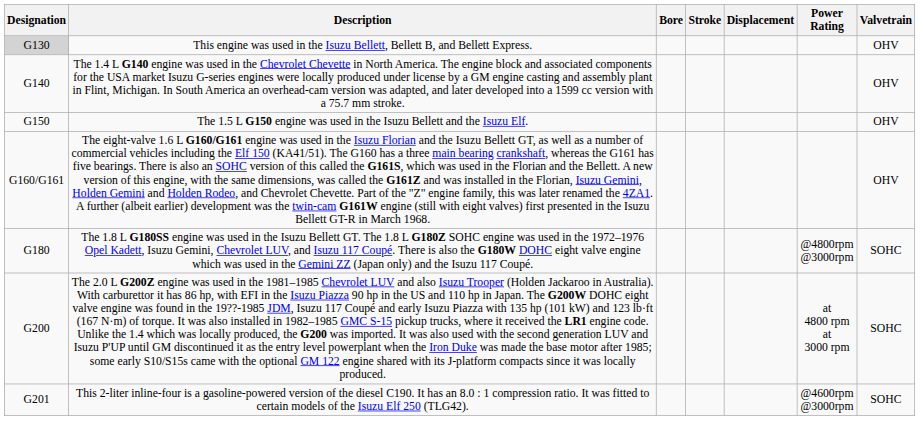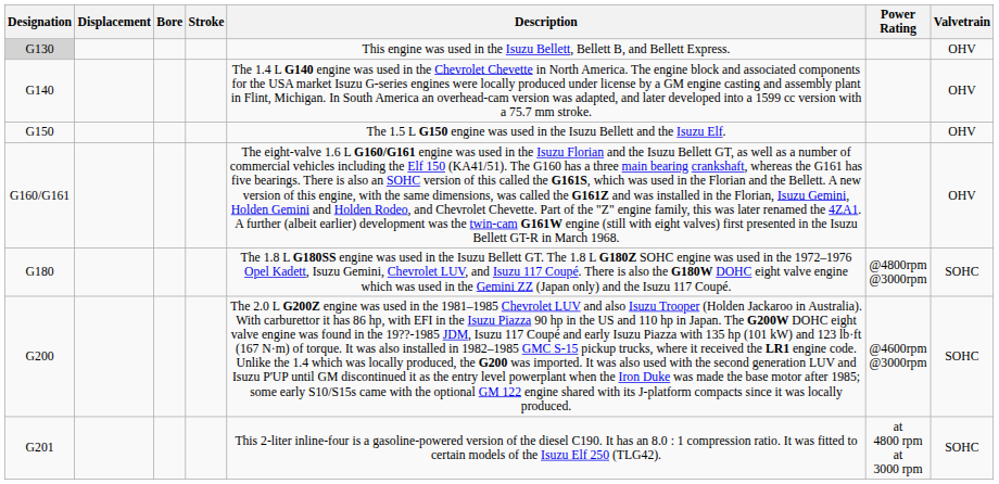 <table class="wikitable" style="text-align: center;">
 <tr>
 <th>Designation</th>
-<th>Description</th>
+<th>Displacement</th>
 <th>Bore</th>
 <th>Stroke</th>
-<th>Displacement</th>
+<th>Description</th>
 <th>Power Rating</th>
 <th>Valvetrain</th>
 </tr>
 <tr>
 <td style="background: lightgrey;">G130</td>
-<td>This engine was used in the <a href='#'>Isuzu Bellett</a>, Bellett B, and Bellett Express.</td>
 <td></td>
 <td></td>
 <td></td>
+<td>This engine was used in the <a href='#'>Isuzu Bellett</a>, Bellett B, and Bellett Express.</td>
 <td></td>
 <td>OHV</td>
 </tr>
 <tr>
 <td>G140</td>
-<td>The 1.4 L <strong>G140</strong> engine was used in the <a href='#'>Chevrolet Chevette</a> in North America. The engine block and associated components for the USA market Isuzu G-series engines were locally produced under license by a GM engine casting and assembly plant in Flint, Michigan. In South America an overhead-cam version was adapted, and later developed into a 1599 cc version with a 75.7 mm stroke.</td>
 <td></td>
 <td></td>
 <td></td>
+<td>The 1.4 L <strong>G140</strong> engine was used in the <a href='#'>Chevrolet Chevette</a> in North America. The engine block and associated components for the USA market Isuzu G-series engines were locally produced under license by a GM engine casting and assembly plant in Flint, Michigan. In South America an overhead-cam version was adapted, and later developed into a 1599 cc version with a 75.7 mm stroke.</td>
 <td> </td>
 <td>OHV</td>
 </tr>
 <tr>
 <td>G150</td>
-<td>The 1.5 L <strong>G150</strong> engine was used in the Isuzu Bellett and the <a href='#'>Isuzu Elf</a>.</td>
 <td></td>
 <td></td>
 <td></td>
+<td>The 1.5 L <strong>G150</strong> engine was used in the Isuzu Bellett and the <a href='#'>Isuzu Elf</a>.</td>
 <td> </td>
 <td>OHV</td>
 </tr>
 <tr>
 <td>G160/G161</td>
-<td>The eight-valve 1.6 L <strong>G160/G161</strong> engine was used in the <a href='#'>Isuzu Florian</a> and the Isuzu Bellett GT, as well as a number of commercial vehicles including the <a href='#'>Elf 150</a> (KA41/51). The G160 has a three <a href='#'>main bearing</a> <a href='#'>crankshaft</a>, whereas the G161 has five bearings. There is also an <a href='#'>SOHC</a> version of this called the <strong>G161S</strong>, which was used in the Florian and the Bellett. A new version of this engine, with the same dimensions, was called the <strong>G161Z</strong> and was installed in the Florian, <a href='#'>Isuzu Gemini</a>, <a href='#'>Holden Gemini</a> and <a href='#'>Holden Rodeo</a>, and Chevrolet Chevette. Part of the "Z" engine family, this was later renamed the <a href='#'>4ZA1</a>. A further (albeit earlier) development was the <a href='#'>twin-cam</a> <strong>G161W</strong> engine (still with eight valves) first presented in the Isuzu Bellett GT-R in March 1968.</td>
 <td></td>
 <td></td>
 <td></td>
+<td>The eight-valve 1.6 L <strong>G160/G161</strong> engine was used in the <a href='#'>Isuzu Florian</a> and the Isuzu Bellett GT, as well as a number of commercial vehicles including the <a href='#'>Elf 150</a> (KA41/51). The G160 has a three <a href='#'>main bearing</a> <a href='#'>crankshaft</a>, whereas the G161 has five bearings. There is also an <a href='#'>SOHC</a> version of this called the <strong>G161S</strong>, which was used in the Florian and the Bellett. A new version of this engine, with the same dimensions, was called the <strong>G161Z</strong> and was installed in the Florian, <a href='#'>Isuzu Gemini</a>, <a href='#'>Holden Gemini</a> and <a href='#'>Holden Rodeo</a>, and Chevrolet Chevette. Part of the "Z" engine family, this was later renamed the <a href='#'>4ZA1</a>. A further (albeit earlier) development was the <a href='#'>twin-cam</a> <strong>G161W</strong> engine (still with eight valves) first presented in the Isuzu Bellett GT-R in March 1968.</td>
 <td> </td>
 <td>OHV</td>
 </tr>
 <tr>
 <td>G180</td>
-<td>The 1.8 L <strong>G180SS</strong> engine was used in the Isuzu Bellett GT. The 1.8 L <strong>G180Z</strong> SOHC engine was used in the 1972–1976 <a href='#'>Opel Kadett</a>, Isuzu Gemini, <a href='#'>Chevrolet LUV</a>, and <a href='#'>Isuzu 117 Coupé</a>. There is also the <strong>G180W</strong> <a href='#'>DOHC</a> eight valve engine which was used in the <a href='#'>Gemini ZZ</a> (Japan only) and the Isuzu 117 Coupé.</td>
 <td></td>
 <td></td>
 <td></td>
+<td>The 1.8 L <strong>G180SS</strong> engine was used in the Isuzu Bellett GT. The 1.8 L <strong>G180Z</strong> SOHC engine was used in the 1972–1976 <a href='#'>Opel Kadett</a>, Isuzu Gemini, <a href='#'>Chevrolet LUV</a>, and <a href='#'>Isuzu 117 Coupé</a>. There is also the <strong>G180W</strong> <a href='#'>DOHC</a> eight valve engine which was used in the <a href='#'>Gemini ZZ</a> (Japan only) and the Isuzu 117 Coupé.</td>
 <td> @4800rpm <br> @3000rpm</td>
 <td>SOHC</td>
 </tr>
 <tr>
 <td>G200</td>
-<td>The 2.0 L <strong>G200Z</strong> engine was used in the 1981–1985 <a href='#'>Chevrolet LUV</a> and also <a href='#'>Isuzu Trooper</a> (Holden Jackaroo in Australia). With carburettor it has 86 hp, with EFI in the <a href='#'>Isuzu Piazza</a> 90 hp in the US and 110 hp in Japan. The <strong>G200W</strong> DOHC eight valve engine was found in the 19??-1985 <a href='#'>JDM</a>, Isuzu 117 Coupé and early Isuzu Piazza with 135 hp (101 kW) and 123 lb·ft (167 N·m) of torque. It was also installed in 1982–1985 <a href='#'>GMC S-15</a> pickup trucks, where it received the <strong>LR1</strong> engine code. Unlike the 1.4 which was locally produced, the <strong>G200</strong> was imported. It was also used with the second generation LUV and Isuzu P'UP until GM discontinued it as the entry level powerplant when the <a href='#'>Iron Duke</a> was made the base motor after 1985; some early S10/S15s came with the optional <a href='#'>GM 122</a> engine shared with its J-platform compacts since it was locally produced.</td>
 <td></td>
 <td></td>
 <td></td>
-<td> at 4800 rpm <br> at 3000 rpm</td>
+<td>The 2.0 L <strong>G200Z</strong> engine was used in the 1981–1985 <a href='#'>Chevrolet LUV</a> and also <a href='#'>Isuzu Trooper</a> (Holden Jackaroo in Australia). With carburettor it has 86 hp, with EFI in the <a href='#'>Isuzu Piazza</a> 90 hp in the US and 110 hp in Japan. The <strong>G200W</strong> DOHC eight valve engine was found in the 19??-1985 <a href='#'>JDM</a>, Isuzu 117 Coupé and early Isuzu Piazza with 135 hp (101 kW) and 123 lb·ft (167 N·m) of torque. It was also installed in 1982–1985 <a href='#'>GMC S-15</a> pickup trucks, where it received the <strong>LR1</strong> engine code. Unlike the 1.4 which was locally produced, the <strong>G200</strong> was imported. It was also used with the second generation LUV and Isuzu P'UP until GM discontinued it as the entry level powerplant when the <a href='#'>Iron Duke</a> was made the base motor after 1985; some early S10/S15s came with the optional <a href='#'>GM 122</a> engine shared with its J-platform compacts since it was locally produced.</td>
+<td> @4600rpm <br> @3000rpm</td>
 <td>SOHC</td>
 </tr>
 <tr>
 <td>G201</td>
-<td>This 2-liter inline-four is a gasoline-powered version of the diesel C190. It has an 8.0 : 1 compression ratio. It was fitted to certain models of the <a href='#'>Isuzu Elf 250</a> (TLG42).</td>
 <td></td>
 <td></td>
 <td></td>
-<td> @4600rpm <br> @3000rpm</td>
+<td>This 2-liter inline-four is a gasoline-powered version of the diesel C190. It has an 8.0 : 1 compression ratio. It was fitted to certain models of the <a href='#'>Isuzu Elf 250</a> (TLG42).</td>
+<td> at 4800 rpm <br> at 3000 rpm</td>
 <td>SOHC</td>
 </tr>
 </table>
